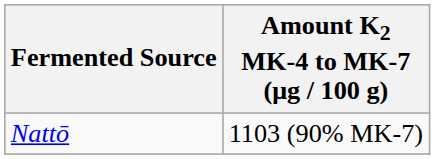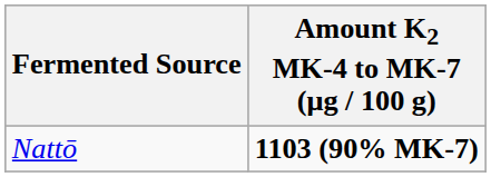 <table class="wikitable">
 <tr>
 <th>Fermented Source</th>
 <th>Amount K<sub>2</sub><br> MK-4 to MK-7<br> (μg / 100 g)</th>
 </tr>
 <tr>
 <td><em><a href='#'>Nattō</a></em></td>
-<td>1103 (90% MK-7)</td>
+<td><strong>1103 (90% MK-7)</strong></td>
 </tr>
 </table>
